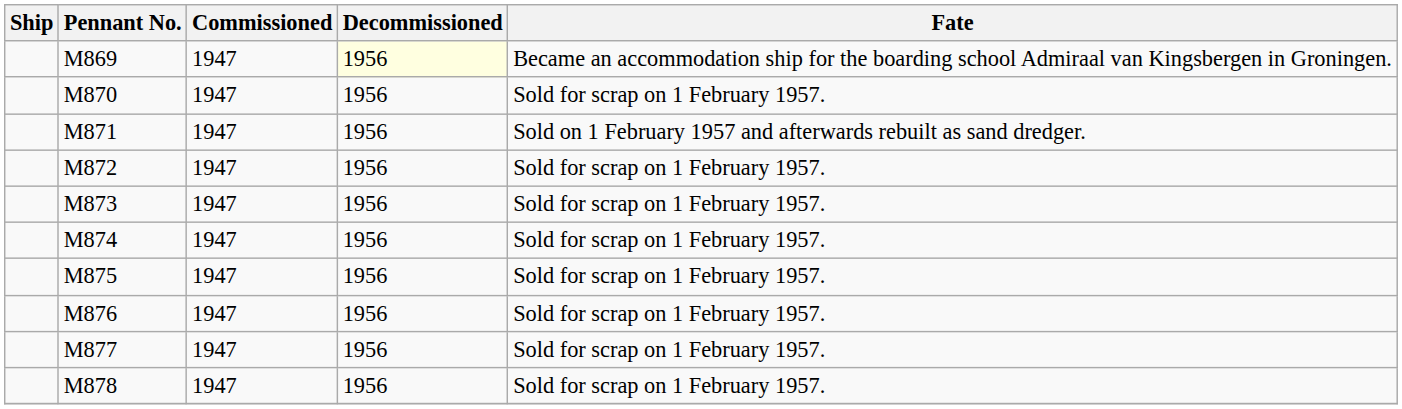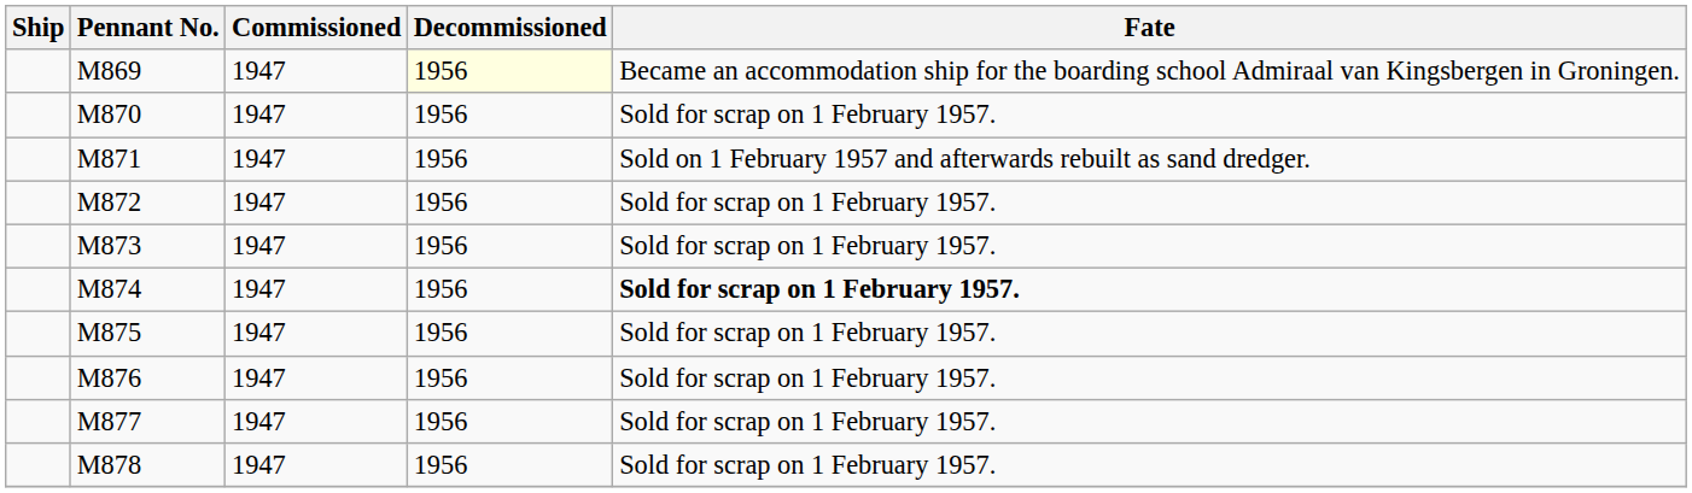 <table class="wikitable" style="font-size:97%;">
 <tr>
 <th>Ship</th>
 <th>Pennant No.</th>
 <th width="90">Commissioned</th>
 <th width="90">Decommissioned</th>
 <th>Fate</th>
 </tr>
 <tr>
 <td></td>
 <td>M869</td>
 <td>1947</td>
 <td style="background: lightyellow;">1956</td>
 <td>Became an accommodation ship for the boarding school Admiraal van Kingsbergen in Groningen.</td>
 </tr>
 <tr>
 <td></td>
 <td>M870</td>
 <td>1947</td>
 <td>1956</td>
 <td>Sold for scrap on 1 February 1957.</td>
 </tr>
 <tr>
 <td></td>
 <td>M871</td>
 <td>1947</td>
 <td>1956</td>
 <td>Sold on 1 February 1957 and afterwards rebuilt as sand dredger.</td>
 </tr>
 <tr>
 <td></td>
 <td>M872</td>
 <td>1947</td>
 <td>1956</td>
 <td>Sold for scrap on 1 February 1957.</td>
 </tr>
 <tr>
 <td></td>
 <td>M873</td>
 <td>1947</td>
 <td>1956</td>
 <td>Sold for scrap on 1 February 1957.</td>
 </tr>
 <tr>
 <td></td>
 <td>M874</td>
 <td>1947</td>
 <td>1956</td>
-<td>Sold for scrap on 1 February 1957.</td>
+<td><strong>Sold for scrap on 1 February 1957.</strong></td>
 </tr>
 <tr>
 <td></td>
 <td>M875</td>
 <td>1947</td>
 <td>1956</td>
 <td>Sold for scrap on 1 February 1957.</td>
 </tr>
 <tr>
 <td></td>
 <td>M876</td>
 <td>1947</td>
 <td>1956</td>
 <td>Sold for scrap on 1 February 1957.</td>
 </tr>
 <tr>
 <td></td>
 <td>M877</td>
 <td>1947</td>
 <td>1956</td>
 <td>Sold for scrap on 1 February 1957.</td>
 </tr>
 <tr>
 <td></td>
 <td>M878</td>
 <td>1947</td>
 <td>1956</td>
 <td>Sold for scrap on 1 February 1957.</td>
 </tr>
 <tr>
 </tr>
 </table>
